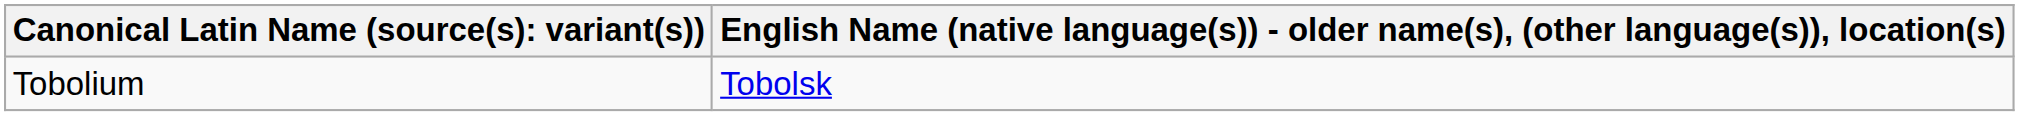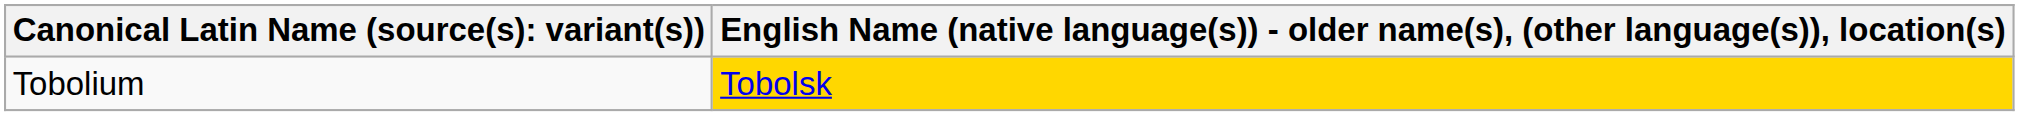 <table class="wikitable">
 <tr>
 <th>Canonical Latin Name (source(s): variant(s))</th>
 <th>English Name (native language(s)) - older name(s), (other language(s)), location(s)</th>
 </tr>
 <tr>
 <td>Tobolium</td>
-<td><a href='#'>Tobolsk</a></td>
+<td style="background: gold;"><a href='#'>Tobolsk</a></td>
 </tr>
 </table>
